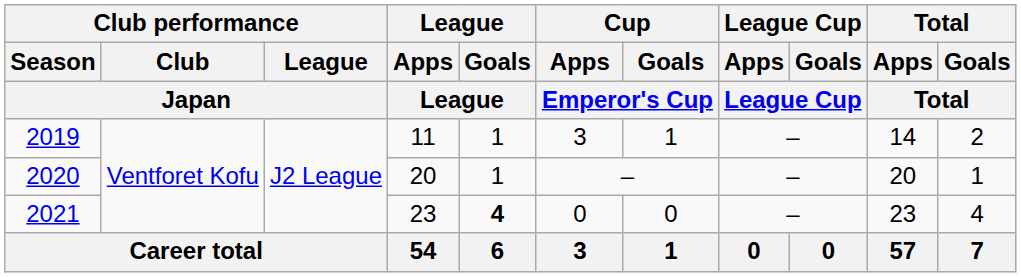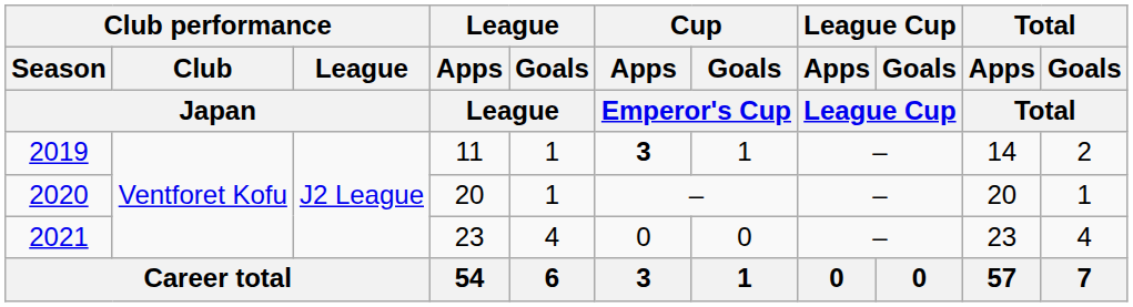 <table class="wikitable" style="text-align:center;">
 <tr>
 <th colspan=3>Club performance</th>
 <th colspan=2>League</th>
 <th colspan=2>Cup</th>
 <th colspan=2>League Cup</th>
 <th colspan=2>Total</th>
 </tr>
 <tr>
 <th>Season</th>
 <th>Club</th>
 <th>League</th>
 <th>Apps</th>
 <th>Goals</th>
 <th>Apps</th>
 <th>Goals</th>
 <th>Apps</th>
 <th>Goals</th>
 <th>Apps</th>
 <th>Goals</th>
 </tr>
 <tr>
 <th colspan=3>Japan</th>
 <th colspan=2>League</th>
 <th colspan=2><a href='#'>Emperor's Cup</a></th>
 <th colspan=2><a href='#'>League Cup</a></th>
 <th colspan=2>Total</th>
 </tr>
 <tr>
 <td><a href='#'>2019</a></td>
 <td rowspan="3"><a href='#'>Ventforet Kofu</a></td>
 <td rowspan="3"><a href='#'>J2 League</a></td>
 <td>11</td>
 <td>1</td>
-<td>3</td>
+<td><strong>3</strong></td>
 <td>1</td>
 <td colspan="2">–</td>
 <td>14</td>
 <td>2</td>
 </tr>
 <tr>
 <td><a href='#'>2020</a></td>
 <td>20</td>
 <td>1</td>
 <td colspan="2">–</td>
 <td colspan="2">–</td>
 <td>20</td>
 <td>1</td>
 </tr>
 <tr>
 <td><a href='#'>2021</a></td>
 <td>23</td>
-<td><strong>4</strong></td>
+<td>4</td>
 <td>0</td>
 <td>0</td>
 <td colspan="2">–</td>
 <td>23</td>
 <td>4</td>
 </tr>
 <tr>
 <th colspan=3>Career total</th>
 <th>54</th>
 <th>6</th>
 <th>3</th>
 <th>1</th>
 <th>0</th>
 <th>0</th>
 <th>57</th>
 <th>7</th>
 </tr>
 </table>
